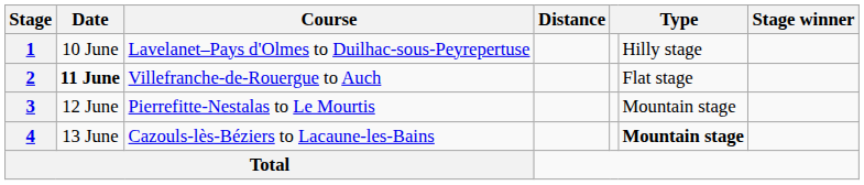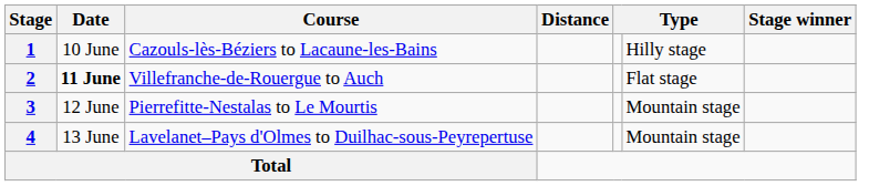 <table class="wikitable">
 <tr>
 <th scope="col">Stage</th>
 <th scope="col">Date</th>
 <th scope="col">Course</th>
 <th scope="col">Distance</th>
 <th scope="col" colspan="2">Type</th>
 <th scope="col">Stage winner</th>
 </tr>
 <tr>
 <th scope="row" style="text-align:center;"><a href='#'>1</a></th>
 <td style="text-align:center;">10 June</td>
-<td><a href='#'>Lavelanet–Pays d'Olmes</a> to <a href='#'>Duilhac-sous-Peyrepertuse</a></td>
+<td><a href='#'>Cazouls-lès-Béziers</a> to <a href='#'>Lacaune-les-Bains</a></td>
 <td style="text-align:center;"></td>
 <td></td>
 <td>Hilly stage</td>
 <td></td>
 </tr>
 <tr>
 <th scope="row" style="text-align:center;"><a href='#'>2</a></th>
 <td style="text-align:center;"><strong>11 June</strong></td>
 <td><a href='#'>Villefranche-de-Rouergue</a> to <a href='#'>Auch</a></td>
 <td style="text-align:center;"></td>
 <td></td>
 <td>Flat stage</td>
 <td></td>
 </tr>
 <tr>
 <th scope="row" style="text-align:center;"><a href='#'>3</a></th>
 <td style="text-align:center;">12 June</td>
 <td><a href='#'>Pierrefitte-Nestalas</a> to <a href='#'>Le Mourtis</a></td>
 <td style="text-align:center;"></td>
 <td></td>
 <td>Mountain stage</td>
 <td></td>
 </tr>
 <tr>
 <th scope="row" style="text-align:center;"><a href='#'>4</a></th>
 <td style="text-align:center;">13 June</td>
-<td><a href='#'>Cazouls-lès-Béziers</a> to <a href='#'>Lacaune-les-Bains</a></td>
+<td><a href='#'>Lavelanet–Pays d'Olmes</a> to <a href='#'>Duilhac-sous-Peyrepertuse</a></td>
 <td style="text-align:center;"></td>
 <td></td>
-<td><strong>Mountain stage</strong></td>
+<td>Mountain stage</td>
 <td></td>
 </tr>
 <tr>
 <th colspan="3">Total</th>
 <td colspan="4" style="text-align:center;"></td>
 </tr>
 </table>
